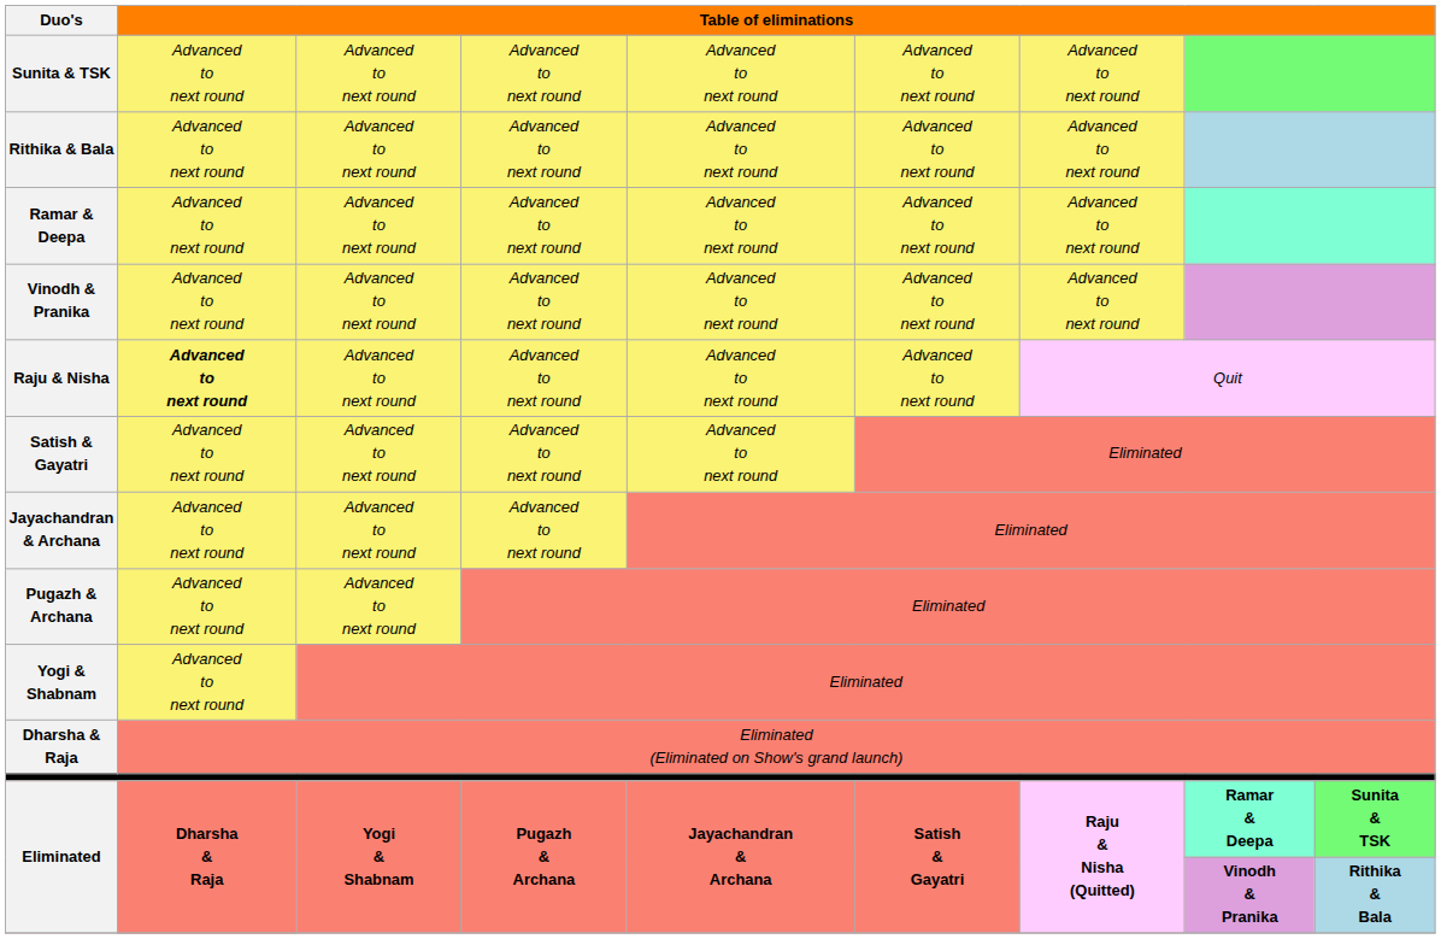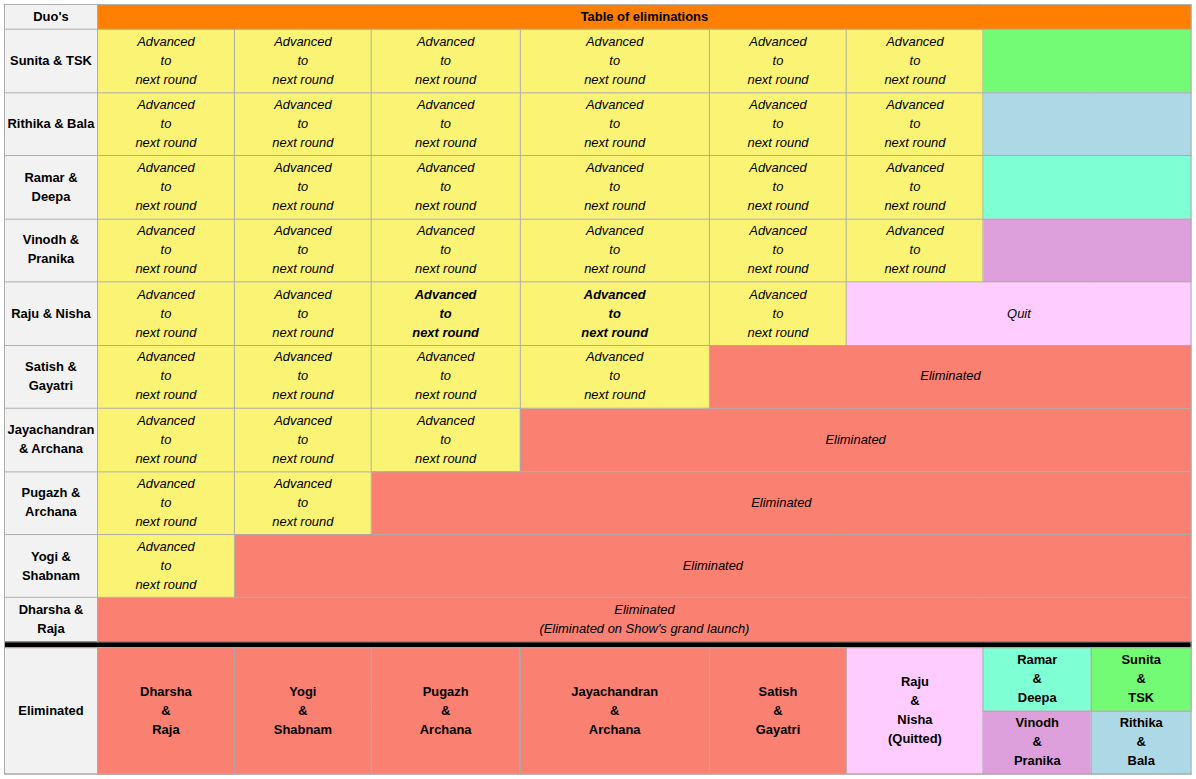 <table class="wikitable mw-collapsible" style="text-align:center; font-size:85%; font-family: sans-serif; line-height:20px;" 4165415615615446>
 <tr>
 <th style="width: 6%;">Duo's</th>
 <th colspan="12" style="background:#FF7F00">Table of eliminations</th>
 </tr>
 <tr>
 <th>Sunita & TSK</th>
 <td style="background:#FBF373"><em>Advanced<br>to<br> next round</em></td>
 <td style="background:#FBF373"><em>Advanced<br>to<br> next round</em></td>
 <td style="background:#FBF373"><em>Advanced<br>to<br> next round</em></td>
 <td style="background:#FBF373"><em>Advanced<br>to<br> next round</em></td>
 <td style="background:#FBF373"><em>Advanced<br>to<br> next round</em></td>
 <td style="background:#FBF373"><em>Advanced<br>to<br> next round</em></td>
 <td colspan="3" style="background:#73FB76;"></td>
 </tr>
 <tr>
 <th>Rithika & Bala</th>
 <td style="background:#FBF373"><em>Advanced<br>to<br> next round</em></td>
 <td style="background:#FBF373"><em>Advanced<br>to<br> next round</em></td>
 <td style="background:#FBF373"><em>Advanced<br>to<br> next round</em></td>
 <td style="background:#FBF373"><em>Advanced<br>to<br> next round</em></td>
 <td style="background:#FBF373"><em>Advanced<br>to<br> next round</em></td>
 <td style="background:#FBF373"><em>Advanced<br>to<br> next round</em></td>
 <td colspan="3" style="background:#ADD8E6; text-align:center;"></td>
 </tr>
 <tr>
 <th>Ramar & Deepa</th>
 <td style="background:#FBF373"><em>Advanced<br>to<br> next round</em></td>
 <td style="background:#FBF373"><em>Advanced<br>to<br> next round</em></td>
 <td style="background:#FBF373"><em>Advanced<br>to<br> next round</em></td>
 <td style="background:#FBF373"><em>Advanced<br>to<br> next round</em></td>
 <td style="background:#FBF373"><em>Advanced<br>to<br> next round</em></td>
 <td style="background:#FBF373"><em>Advanced<br>to<br> next round</em></td>
 <td colspan="3" style="background:#7FFFD4;"></td>
 </tr>
 <tr>
 <th>Vinodh & Pranika</th>
 <td style="background:#FBF373"><em>Advanced<br>to<br> next round</em></td>
 <td style="background:#FBF373"><em>Advanced<br>to<br> next round</em></td>
 <td style="background:#FBF373"><em>Advanced<br>to<br> next round</em></td>
 <td style="background:#FBF373"><em>Advanced<br>to<br> next round</em></td>
 <td style="background:#FBF373"><em>Advanced<br>to<br> next round</em></td>
 <td style="background:#FBF373"><em>Advanced<br>to<br> next round</em></td>
 <td colspan="3" style="background:#DDA0DD; text-align:center;"></td>
 </tr>
 <tr>
 <th>Raju & Nisha</th>
-<td style="background:#FBF373"><strong><em>Advanced<br>to<br> next round</em></strong></td>
 <td style="background:#FBF373"><em>Advanced<br>to<br> next round</em></td>
 <td style="background:#FBF373"><em>Advanced<br>to<br> next round</em></td>
-<td style="background:#FBF373"><em>Advanced<br>to<br> next round</em></td>
+<td style="background:#FBF373"><strong><em>Advanced<br>to<br> next round</em></strong></td>
+<td style="background:#FBF373"><strong><em>Advanced<br>to<br> next round</em></strong></td>
 <td style="background:#FBF373"><em>Advanced<br>to<br> next round</em></td>
 <td colspan="15" style="background:#fcf"><em>Quit</em></td>
 </tr>
 <tr>
 <th>Satish & Gayatri</th>
 <td style="background:#FBF373"><em>Advanced<br>to<br> next round</em></td>
 <td style="background:#FBF373"><em>Advanced<br>to<br> next round</em></td>
 <td style="background:#FBF373"><em>Advanced<br>to<br> next round</em></td>
 <td style="background:#FBF373"><em>Advanced<br>to<br> next round</em></td>
 <td colspan="15" style="background:salmon"><em>Eliminated</em></td>
 </tr>
 <tr>
 <th>Jayachandran & Archana</th>
 <td style="background:#FBF373"><em>Advanced<br>to<br> next round</em></td>
 <td style="background:#FBF373"><em>Advanced<br>to<br> next round</em></td>
 <td style="background:#FBF373"><em>Advanced<br>to<br> next round</em></td>
 <td colspan="15" style="background:salmon"><em>Eliminated</em></td>
 </tr>
 <tr>
 <th>Pugazh & Archana</th>
 <td style="background:#FBF373"><em>Advanced<br>to<br> next round</em></td>
 <td style="background:#FBF373"><em>Advanced<br>to<br> next round</em></td>
 <td colspan="15" style="background:salmon"><em>Eliminated</em></td>
 </tr>
 <tr>
 <th>Yogi & Shabnam</th>
 <td style="background:#FBF373"><em>Advanced<br>to<br> next round</em></td>
 <td colspan="15" style="background:salmon"><em>Eliminated</em></td>
 </tr>
 <tr>
 <th>Dharsha & Raja</th>
 <td colspan="15" style="background:salmon"><em>Eliminated<br>(Eliminated on Show's grand launch)</em></td>
 </tr>
 <tr>
 <td colspan="15" bgcolor="black"></td>
 </tr>
 <tr>
 </tr>
 <tr style="background:salmon" |>
 <th colspan="1" rowspan="2"><strong>Eliminated</strong></th>
 <td style="background:salmon" rowspan=2><strong>Dharsha <br>&<br> Raja  </strong></td>
 <td rowspan="2"><strong>Yogi <br>&<br> Shabnam</strong></td>
 <td rowspan="2"><strong>Pugazh <br>&<br> Archana</strong></td>
 <td rowspan="2"><strong>Jayachandran <br>&<br> Archana</strong></td>
 <td rowspan="2"><strong>Satish <br>&<br>Gayatri</strong></td>
 <td rowspan="2" style="background:#fcf; text-align:center;"><strong>Raju <br>&<br>Nisha</strong><br><strong>(Quitted)</strong></td>
 <td style="background:#7FFFD4; text-align:center;"><strong>Ramar <br>&<br>Deepa</strong></td>
 <td style="background:#73FB76; text-align:center;"><strong>Sunita <br>&<br>TSK</strong></td>
 </tr>
 <tr>
 <td style="background:#DDA0DD; text-align:center;"><strong>Vinodh <br>&<br>Pranika</strong></td>
 <td style="background:#ADD8E6; text-align:center;"><strong>Rithika <br>&<br>Bala</strong></td>
 </tr>
 <tr>
 </tr>
 </table>
